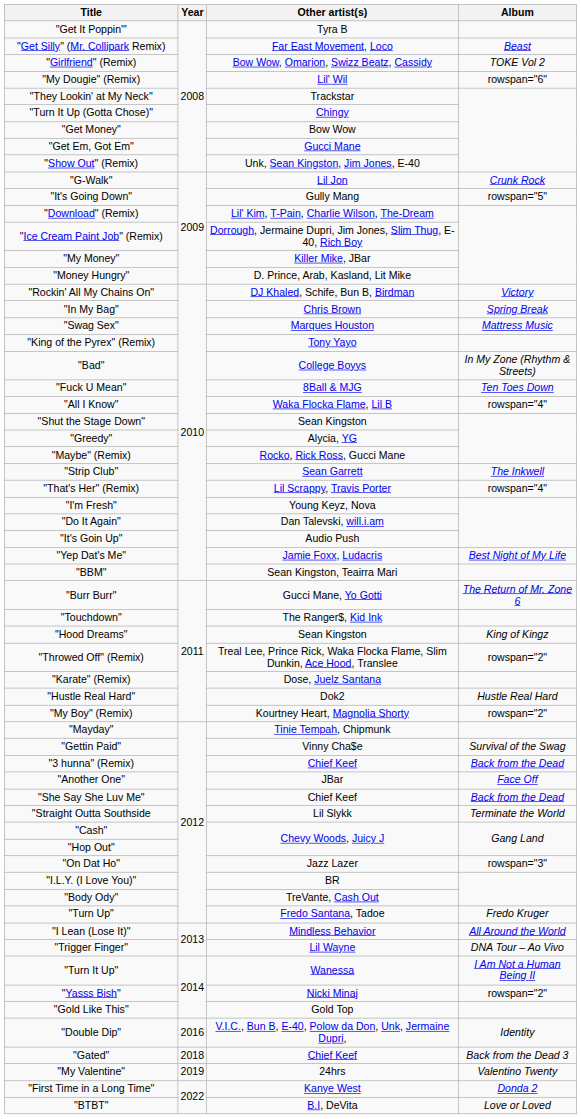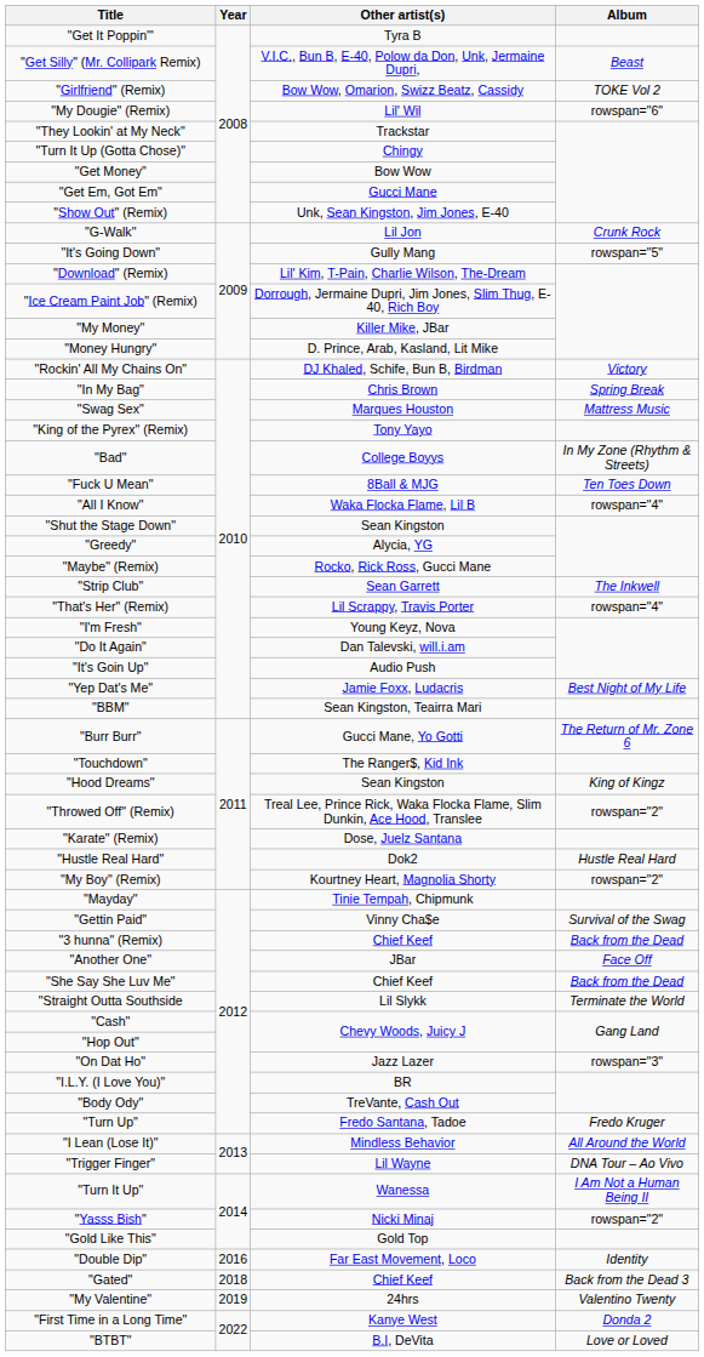 <table class="wikitable plainrowheaders" style="text-align:center;">
 <tr>
 <th scope="col" style="width:16em;">Title</th>
 <th scope="col">Year</th>
 <th scope="col">Other artist(s)</th>
 <th scope="col">Album</th>
 </tr>
 <tr>
 <td>"Get It Poppin'"</td>
 <td rowspan="9">2008</td>
 <td>Tyra B</td>
 <td></td>
 </tr>
 <tr>
 <td>"<a href='#'>Get Silly</a>" (<a href='#'>Mr. Collipark</a> Remix)</td>
-<td><a href='#'>Far East Movement</a>, <a href='#'>Loco</a></td>
+<td><a href='#'>V.I.C.</a>, <a href='#'>Bun B</a>, <a href='#'>E-40</a>, <a href='#'>Polow da Don</a>, <a href='#'>Unk</a>, <a href='#'>Jermaine Dupri</a>,</td>
 <td><em><a href='#'>Beast</a></em></td>
 </tr>
 <tr>
 <td>"<a href='#'>Girlfriend</a>" (Remix)</td>
 <td><a href='#'>Bow Wow</a>, <a href='#'>Omarion</a>, <a href='#'>Swizz Beatz</a>, <a href='#'>Cassidy</a></td>
 <td><em>TOKE Vol 2</em></td>
 </tr>
 <tr>
 <td>"My Dougie" (Remix)</td>
 <td><a href='#'>Lil' Wil</a></td>
 <td>rowspan="6" </td>
 </tr>
 <tr>
 <td>"They Lookin' at My Neck"</td>
 <td>Trackstar</td>
 </tr>
 <tr>
 <td>"Turn It Up (Gotta Chose)"</td>
 <td><a href='#'>Chingy</a></td>
 </tr>
 <tr>
 <td>"Get Money"</td>
 <td>Bow Wow</td>
 </tr>
 <tr>
 <td>"Get Em, Got Em"</td>
 <td><a href='#'>Gucci Mane</a></td>
 </tr>
 <tr>
 <td>"<a href='#'>Show Out</a>" (Remix)</td>
 <td>Unk, <a href='#'>Sean Kingston</a>, <a href='#'>Jim Jones</a>, E-40</td>
 </tr>
 <tr>
 <td>"G-Walk"</td>
 <td rowspan="6">2009</td>
 <td><a href='#'>Lil Jon</a></td>
 <td><em><a href='#'>Crunk Rock</a></em></td>
 </tr>
 <tr>
 <td>"It's Going Down"</td>
 <td>Gully Mang</td>
 <td>rowspan="5" </td>
 </tr>
 <tr>
 <td>"<a href='#'>Download</a>" (Remix)</td>
 <td><a href='#'>Lil' Kim</a>, <a href='#'>T-Pain</a>, <a href='#'>Charlie Wilson</a>, <a href='#'>The-Dream</a></td>
 </tr>
 <tr>
 <td>"<a href='#'>Ice Cream Paint Job</a>" (Remix)</td>
 <td><a href='#'>Dorrough</a>, Jermaine Dupri, Jim Jones, <a href='#'>Slim Thug</a>, E-40, <a href='#'>Rich Boy</a></td>
 </tr>
 <tr>
 <td>"My Money"</td>
 <td><a href='#'>Killer Mike</a>, JBar</td>
 </tr>
 <tr>
 <td>"Money Hungry"</td>
 <td>D. Prince, Arab, Kasland, Lit Mike</td>
 </tr>
 <tr>
 <td>"Rockin' All My Chains On"</td>
 <td rowspan="17">2010</td>
 <td><a href='#'>DJ Khaled</a>, Schife, Bun B, <a href='#'>Birdman</a></td>
 <td><em><a href='#'>Victory</a></em></td>
 </tr>
 <tr>
 <td>"In My Bag"</td>
 <td><a href='#'>Chris Brown</a></td>
 <td><em><a href='#'>Spring Break</a></em></td>
 </tr>
 <tr>
 <td>"Swag Sex"</td>
 <td><a href='#'>Marques Houston</a></td>
 <td><em><a href='#'>Mattress Music</a></em></td>
 </tr>
 <tr>
 <td>"King of the Pyrex" (Remix)</td>
 <td><a href='#'>Tony Yayo</a></td>
 <td></td>
 </tr>
 <tr>
 <td>"Bad"</td>
 <td><a href='#'>College Boyys</a></td>
 <td><em>In My Zone (Rhythm & Streets)</em></td>
 </tr>
 <tr>
 <td>"Fuck U Mean"</td>
 <td><a href='#'>8Ball & MJG</a></td>
 <td><em><a href='#'>Ten Toes Down</a></em></td>
 </tr>
 <tr>
 <td>"All I Know"</td>
 <td><a href='#'>Waka Flocka Flame</a>, <a href='#'>Lil B</a></td>
 <td>rowspan="4" </td>
 </tr>
 <tr>
 <td>"Shut the Stage Down"</td>
 <td>Sean Kingston</td>
 </tr>
 <tr>
 <td>"Greedy"</td>
 <td>Alycia, <a href='#'>YG</a></td>
 </tr>
 <tr>
 <td>"Maybe" (Remix)</td>
 <td><a href='#'>Rocko</a>, <a href='#'>Rick Ross</a>, Gucci Mane</td>
 </tr>
 <tr>
 <td>"Strip Club"</td>
 <td><a href='#'>Sean Garrett</a></td>
 <td><em><a href='#'>The Inkwell</a></em></td>
 </tr>
 <tr>
 <td>"That's Her" (Remix)</td>
 <td><a href='#'>Lil Scrappy</a>, <a href='#'>Travis Porter</a></td>
 <td>rowspan="4" </td>
 </tr>
 <tr>
 <td>"I'm Fresh"</td>
 <td>Young Keyz, Nova</td>
 </tr>
 <tr>
 <td>"Do It Again"</td>
 <td>Dan Talevski, <a href='#'>will.i.am</a></td>
 </tr>
 <tr>
 <td>"It's Goin Up"</td>
 <td>Audio Push</td>
 </tr>
 <tr>
 <td>"Yep Dat's Me"</td>
 <td><a href='#'>Jamie Foxx</a>, <a href='#'>Ludacris</a></td>
 <td><em><a href='#'>Best Night of My Life</a></em></td>
 </tr>
 <tr>
 <td>"BBM"</td>
 <td>Sean Kingston, Teairra Mari</td>
 <td></td>
 </tr>
 <tr>
 <td>"Burr Burr"</td>
 <td rowspan="7">2011</td>
 <td>Gucci Mane, <a href='#'>Yo Gotti</a></td>
 <td><em><a href='#'>The Return of Mr. Zone 6</a></em></td>
 </tr>
 <tr>
 <td>"Touchdown"</td>
 <td>The Ranger$, <a href='#'>Kid Ink</a></td>
 <td></td>
 </tr>
 <tr>
 <td>"Hood Dreams"</td>
 <td>Sean Kingston</td>
 <td><em>King of Kingz</em></td>
 </tr>
 <tr>
 <td>"Throwed Off" (Remix)</td>
 <td>Treal Lee, Prince Rick, Waka Flocka Flame, Slim Dunkin, <a href='#'>Ace Hood</a>, Translee</td>
 <td>rowspan="2" </td>
 </tr>
 <tr>
 <td>"Karate" (Remix)</td>
 <td>Dose, <a href='#'>Juelz Santana</a></td>
 </tr>
 <tr>
 <td>"Hustle Real Hard"</td>
 <td>Dok2</td>
 <td><em>Hustle Real Hard</em></td>
 </tr>
 <tr>
 <td>"My Boy" (Remix)</td>
 <td>Kourtney Heart, <a href='#'>Magnolia Shorty</a></td>
 <td>rowspan="2" </td>
 </tr>
 <tr>
 <td>"Mayday"</td>
 <td rowspan="12">2012</td>
 <td><a href='#'>Tinie Tempah</a>, Chipmunk</td>
 </tr>
 <tr>
 <td>"Gettin Paid"</td>
 <td>Vinny Cha$e</td>
 <td><em>Survival of the Swag</em></td>
 </tr>
 <tr>
 <td>"3 hunna" (Remix)</td>
 <td><a href='#'>Chief Keef</a></td>
 <td><em><a href='#'>Back from the Dead</a></em></td>
 </tr>
 <tr>
 <td>"Another One"</td>
 <td>JBar</td>
 <td><em><a href='#'>Face Off</a></em></td>
 </tr>
 <tr>
 <td>"She Say She Luv Me"</td>
 <td>Chief Keef</td>
 <td><em><a href='#'>Back from the Dead</a></em></td>
 </tr>
 <tr>
 <td>"Straight Outta Southside</td>
 <td>Lil Slykk</td>
 <td><em>Terminate the World</em></td>
 </tr>
 <tr>
 <td>"Cash"</td>
 <td rowspan="2"><a href='#'>Chevy Woods</a>, <a href='#'>Juicy J</a></td>
 <td rowspan="2"><em>Gang Land</em></td>
 </tr>
 <tr>
 <td>"Hop Out"</td>
 </tr>
 <tr>
 <td>"On Dat Ho"</td>
 <td>Jazz Lazer</td>
 <td>rowspan="3" </td>
 </tr>
 <tr>
 <td>"I.L.Y. (I Love You)"</td>
 <td>BR</td>
 </tr>
 <tr>
 <td>"Body Ody"</td>
 <td>TreVante, <a href='#'>Cash Out</a></td>
 </tr>
 <tr>
 <td>"Turn Up"</td>
 <td><a href='#'>Fredo Santana</a>, Tadoe</td>
 <td><em>Fredo Kruger</em></td>
 </tr>
 <tr>
 <td>"I Lean (Lose It)"</td>
 <td rowspan="2">2013</td>
 <td><a href='#'>Mindless Behavior</a></td>
 <td><em><a href='#'>All Around the World</a></em></td>
 </tr>
 <tr>
 <td>"Trigger Finger"</td>
 <td><a href='#'>Lil Wayne</a></td>
 <td><em>DNA Tour – Ao Vivo</em></td>
 </tr>
 <tr>
 <td>"Turn It Up"</td>
 <td rowspan="3">2014</td>
 <td><a href='#'>Wanessa</a></td>
 <td><em><a href='#'>I Am Not a Human Being II</a></em></td>
 </tr>
 <tr>
 <td>"<a href='#'>Yasss Bish</a>"</td>
 <td><a href='#'>Nicki Minaj</a></td>
 <td>rowspan="2" </td>
 </tr>
 <tr>
 <td>"Gold Like This"</td>
 <td>Gold Top</td>
 </tr>
 <tr>
 <td>"Double Dip"</td>
 <td>2016</td>
-<td><a href='#'>V.I.C.</a>, <a href='#'>Bun B</a>, <a href='#'>E-40</a>, <a href='#'>Polow da Don</a>, <a href='#'>Unk</a>, <a href='#'>Jermaine Dupri</a>,</td>
+<td><a href='#'>Far East Movement</a>, <a href='#'>Loco</a></td>
 <td><em>Identity</em></td>
 </tr>
 <tr>
 <td>"Gated"</td>
 <td>2018</td>
 <td><a href='#'>Chief Keef</a></td>
 <td><em>Back from the Dead 3</em></td>
 </tr>
 <tr>
 <td>"My Valentine"</td>
 <td>2019</td>
 <td>24hrs</td>
 <td><em>Valentino Twenty</em></td>
 </tr>
 <tr>
 <td>"First Time in a Long Time"</td>
 <td rowspan="2">2022</td>
 <td><a href='#'>Kanye West</a></td>
 <td><em><a href='#'>Donda 2</a></em></td>
 </tr>
 <tr>
 <td>"BTBT"</td>
 <td><a href='#'>B.I</a>, DeVita</td>
 <td><em>Love or Loved</em></td>
 </tr>
 </table>
